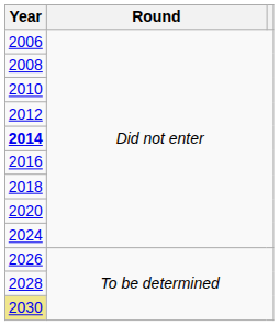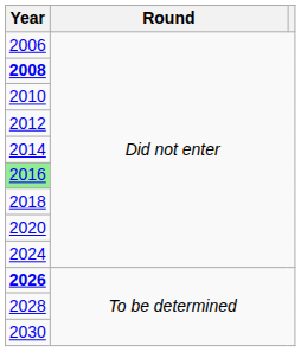 <table class="wikitable" style="text-align: center; font-size:90%">
 <tr>
 <th>Year</th>
 <th style="width:200px">Round</th>
 <th></th>
 </tr>
 <tr>
 <td><a href='#'>2006</a></td>
 <td colspan="2" rowspan="9"><em>Did not enter</em></td>
 </tr>
 <tr>
-<td><a href='#'>2008</a></td>
+<td><strong><a href='#'>2008</a></strong></td>
 </tr>
 <tr>
 <td><a href='#'>2010</a></td>
 </tr>
 <tr>
 <td><a href='#'>2012</a></td>
 </tr>
 <tr>
-<td><strong><a href='#'>2014</a></strong></td>
+<td><a href='#'>2014</a></td>
 </tr>
 <tr>
-<td><a href='#'>2016</a></td>
+<td style="background: lightgreen;"><a href='#'>2016</a></td>
 </tr>
 <tr>
 <td><a href='#'>2018</a></td>
 </tr>
 <tr>
 <td><a href='#'>2020</a></td>
 </tr>
 <tr>
 <td><a href='#'>2024</a></td>
 </tr>
 <tr>
-<td><a href='#'>2026</a></td>
+<td><strong><a href='#'>2026</a></strong></td>
 <td colspan="2" rowspan="3"><em>To be determined</em></td>
 </tr>
 <tr>
 <td><a href='#'>2028</a></td>
 </tr>
 <tr>
-<td style="background: khaki;"><a href='#'>2030</a></td>
+<td><a href='#'>2030</a></td>
 </tr>
 </table>
